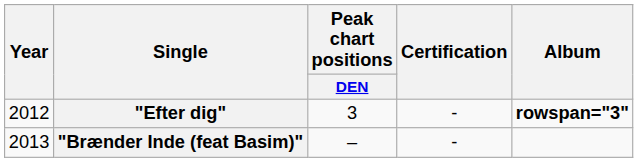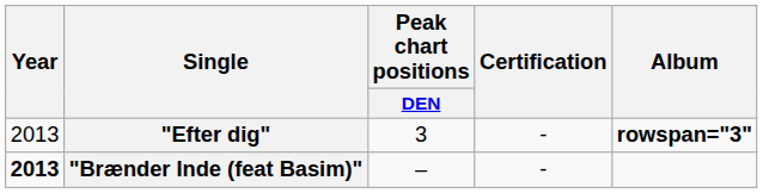 <table class="wikitable plainrowheaders" style="text-align:center;" border="1">
 <tr>
 <th scope="col" rowspan="2">Year</th>
 <th scope="col" rowspan="2">Single</th>
 <th scope="col" colspan="1">Peak chart positions</th>
 <th scope="col" rowspan="2">Certification</th>
 <th scope="col" rowspan="2">Album</th>
 </tr>
 <tr>
 <th scope="col" style="width:3em;font-size:85%;"><a href='#'>DEN</a><br></th>
 </tr>
 <tr>
-<td>2012</td>
+<td>2013</td>
 <th scope="row">"Efter dig"</th>
 <td>3</td>
 <td rowspan="1">-</td>
 <td><strong>rowspan="3" </strong></td>
 </tr>
 <tr>
-<td>2013</td>
+<td><strong>2013</strong></td>
 <th scope="row">"Brænder Inde (feat Basim)"</th>
 <td>–</td>
 <td rowspan="1">-</td>
 </tr>
 </table>
